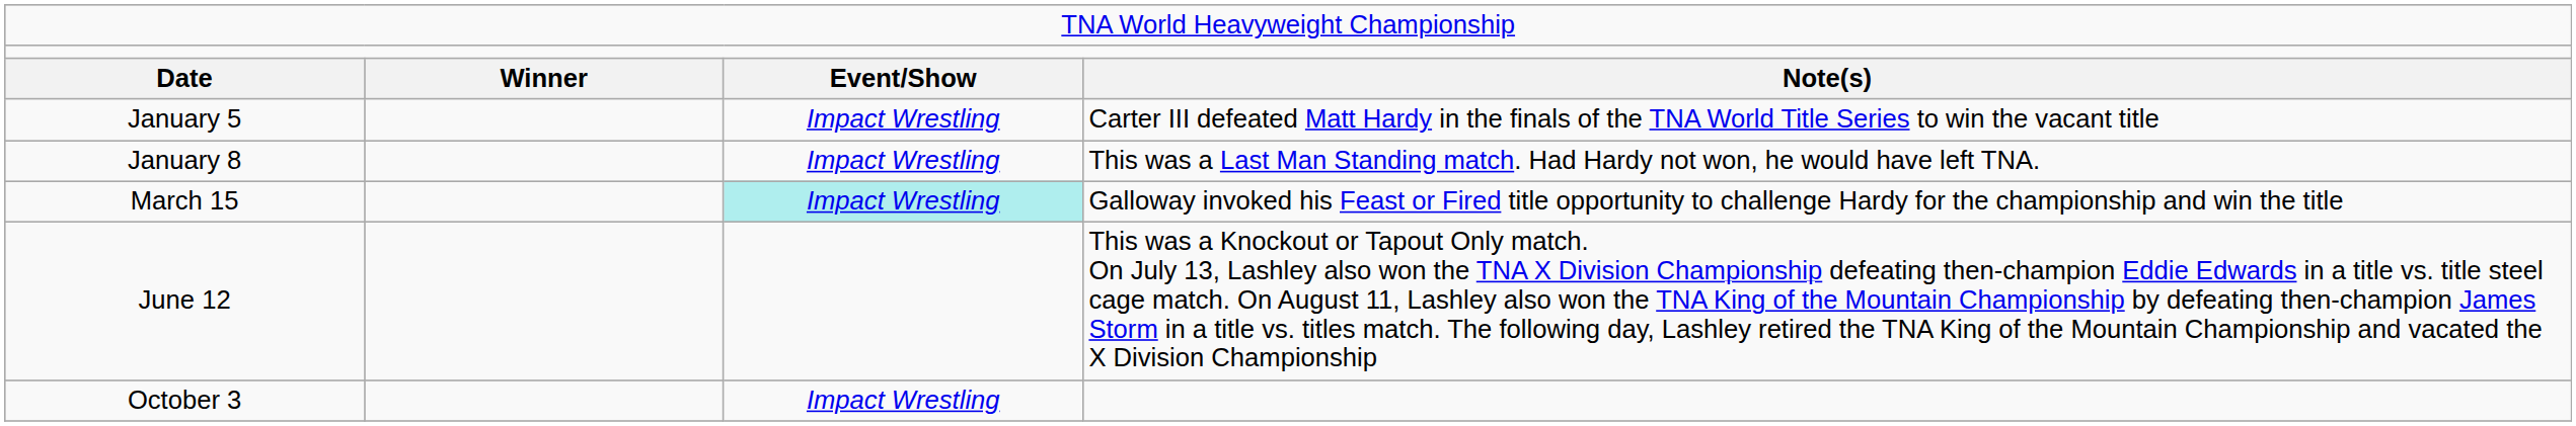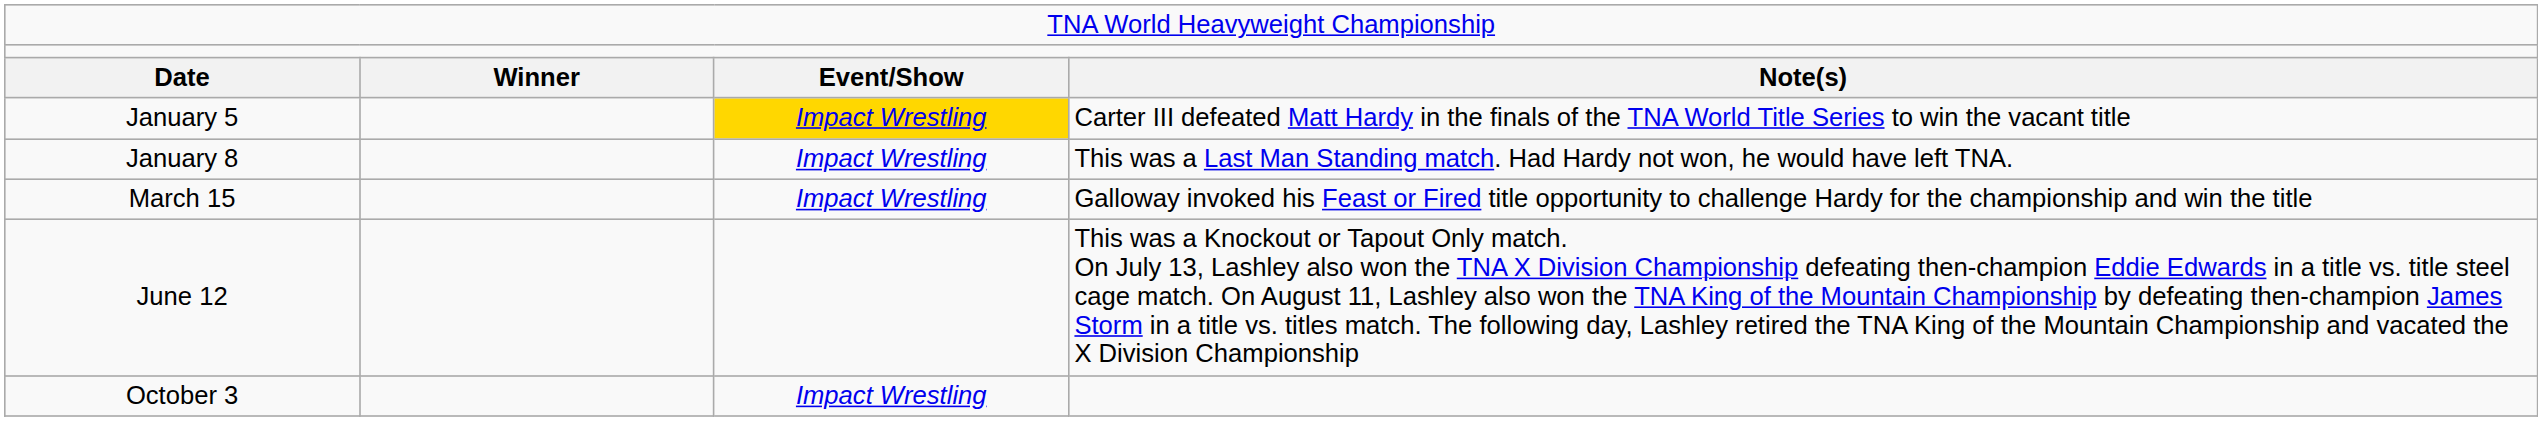 <table class="wikitable" style="text-align:center; width:100%;">
 <tr>
 <td colspan="5"><a href='#'>TNA World Heavyweight Championship</a></td>
 </tr>
 <tr>
 <td colspan="5"><strong></strong></td>
 </tr>
 <tr>
 <th width="14%">Date</th>
 <th width="14%">Winner</th>
 <th width="14%">Event/Show</th>
 <th width="58%">Note(s)</th>
 </tr>
 <tr>
 <td>January 5</td>
 <td></td>
-<td><em><a href='#'>Impact Wrestling</a></em></td>
+<td style="background: gold;"><em><a href='#'>Impact Wrestling</a></em></td>
 <td align=left>Carter III defeated <a href='#'>Matt Hardy</a> in the finals of the <a href='#'>TNA World Title Series</a> to win the vacant title</td>
 </tr>
 <tr>
 <td>January 8<br></td>
 <td></td>
 <td><em><a href='#'>Impact Wrestling</a></em></td>
 <td align=left>This was a <a href='#'>Last Man Standing match</a>. Had Hardy not won, he would have left TNA.</td>
 </tr>
 <tr>
 <td>March 15</td>
 <td></td>
-<td style="background: paleturquoise;"><em><a href='#'>Impact Wrestling</a></em></td>
+<td><em><a href='#'>Impact Wrestling</a></em></td>
 <td align=left>Galloway invoked his <a href='#'>Feast or Fired</a> title opportunity to challenge Hardy for the championship and win the title</td>
 </tr>
 <tr>
 <td>June 12</td>
 <td></td>
 <td></td>
 <td align=left>This was a Knockout or Tapout Only match.<br>On July 13, Lashley also won the <a href='#'>TNA X Division Championship</a> defeating then-champion <a href='#'>Eddie Edwards</a> in a title vs. title steel cage match. On August 11, Lashley also won the <a href='#'>TNA King of the Mountain Championship</a> by defeating then-champion <a href='#'>James Storm</a> in a title vs. titles match. The following day, Lashley retired the TNA King of the Mountain Championship and vacated the X Division Championship</td>
 </tr>
 <tr>
 <td>October 3<br></td>
 <td></td>
 <td><em><a href='#'>Impact Wrestling</a></em></td>
 <td></td>
 </tr>
 </table>
